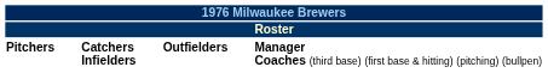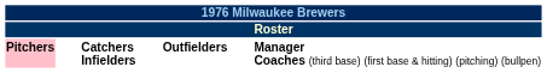 <table class="toccolours" style="font-size: 95%;">
 <tr>
 <th colspan="10" style="background-color: #00285D; color: #9ECEEE; text-align: center;">1976 Milwaukee Brewers</th>
 </tr>
 <tr>
 <td colspan="10" style="background-color: #003366; color: #FFFDD0; text-align: center;"><strong>Roster</strong></td>
 </tr>
 <tr>
-<td valign="top"><strong>Pitchers</strong><br>                </td>
+<td valign="top" style="background: pink;"><strong>Pitchers</strong><br>                </td>
 <td width="25px"></td>
 <td valign="top"><strong>Catchers</strong><br>   <strong>Infielders</strong>          </td>
 <td width="25px"></td>
 <td valign="top"><strong>Outfielders</strong><br>          </td>
 <td width="25px"></td>
 <td valign="top"><strong>Manager</strong><br>  <strong>Coaches</strong>  <small>(third base)</small>  <small>(first base & hitting)</small>  <small>(pitching)</small>  <small>(bullpen)</small></td>
 </tr>
 <tr>
 </tr>
 </table>
